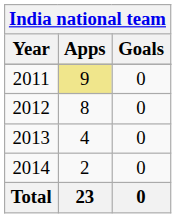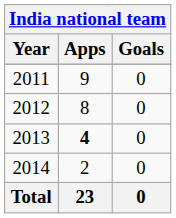 <table class="wikitable" style="text-align:center">
 <tr>
 <th colspan=3><a href='#'>India national team</a></th>
 </tr>
 <tr>
 <th>Year</th>
 <th>Apps</th>
 <th>Goals</th>
 </tr>
 <tr>
 </tr>
 <tr>
 <td>2011</td>
-<td style="background: khaki;">9</td>
+<td>9</td>
 <td>0</td>
 </tr>
 <tr>
 <td>2012</td>
 <td>8</td>
 <td>0</td>
 </tr>
 <tr>
 <td>2013</td>
-<td>4</td>
+<td><strong>4</strong></td>
 <td>0</td>
 </tr>
 <tr>
 <td>2014</td>
 <td>2</td>
 <td>0</td>
 </tr>
 <tr>
 <th>Total</th>
 <th>23</th>
 <th>0</th>
 </tr>
 </table>
